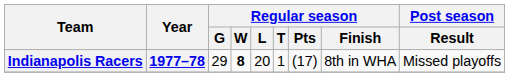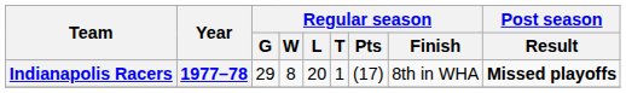 <table class="wikitable" style="font-size: 95%; text-align:center;">
 <tr>
 <th rowspan="2">Team</th>
 <th rowspan="2">Year</th>
 <th colspan="6"><a href='#'>Regular season</a></th>
 <th colspan="1"><a href='#'>Post season</a></th>
 </tr>
 <tr>
 <th>G</th>
 <th>W</th>
 <th>L</th>
 <th>T</th>
 <th>Pts</th>
 <th>Finish</th>
 <th>Result</th>
 </tr>
 <tr>
 <th><a href='#'>Indianapolis Racers</a></th>
 <th><a href='#'>1977–78</a></th>
 <td>29</td>
-<td><strong>8</strong></td>
+<td>8</td>
 <td>20</td>
 <td>1</td>
 <td>(17)</td>
 <td>8th in WHA</td>
-<td>Missed playoffs</td>
+<td><strong>Missed playoffs</strong></td>
 </tr>
 <tr>
 </tr>
 </table>
